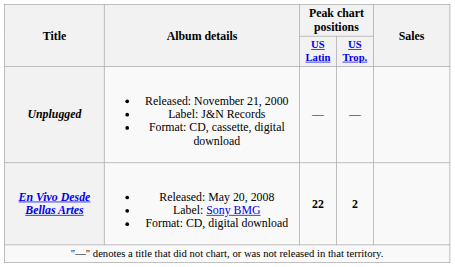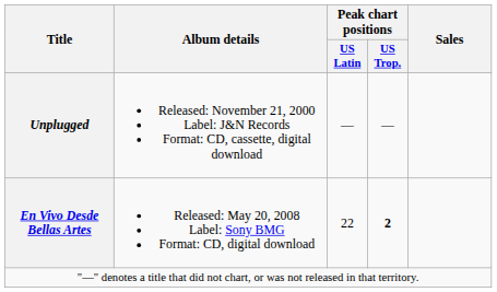 <table class="wikitable plainrowheaders" style="text-align:center;">
 <tr>
 <th scope="col" rowspan="2" style="width:8em;">Title</th>
 <th scope="col" rowspan="2" style="width:16em;">Album details</th>
 <th scope="col" colspan="2">Peak chart positions</th>
 <th scope="col" rowspan="2" style="width:6em;">Sales</th>
 </tr>
 <tr>
 <th scope="col" style="width:3em;font-size:90%;"><a href='#'>US<br>Latin</a><br></th>
 <th scope="col" style="width:3em;font-size:90%;"><a href='#'>US<br>Trop.</a><br></th>
 </tr>
 <tr>
 <th scope="row" align="center"><em>Unplugged</em></th>
 <td><br><ul><li>Released: November 21, 2000</li><li>Label: J&N Records</li><li>Format: CD, cassette, digital download</li></ul></td>
 <td>—</td>
 <td>—</td>
 <td></td>
 </tr>
 <tr>
 <th scope="row" align="center"><em><a href='#'>En Vivo Desde Bellas Artes</a></em></th>
 <td><br><ul><li>Released: May 20, 2008</li><li>Label: <a href='#'>Sony BMG</a></li><li>Format: CD, digital download</li></ul></td>
-<td><strong>22</strong></td>
+<td>22</td>
 <td><strong>2</strong></td>
 <td></td>
 </tr>
 <tr>
 <td colspan="15" style="font-size:90%">"—" denotes a title that did not chart, or was not released in that territory.</td>
 </tr>
 </table>
